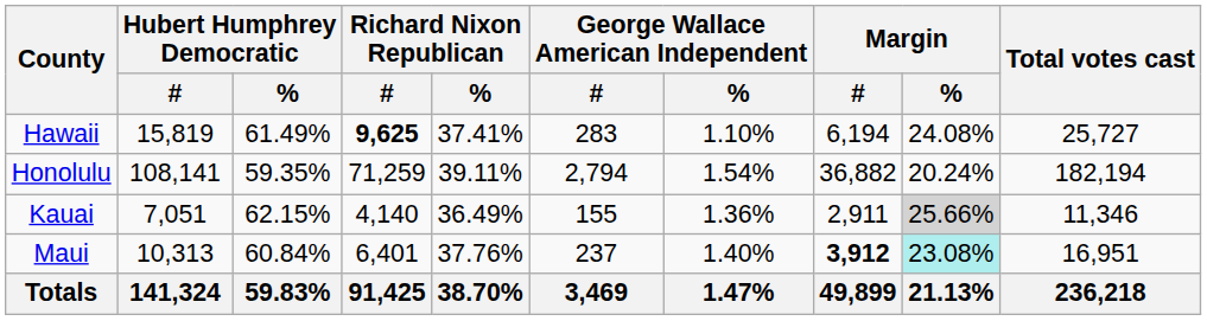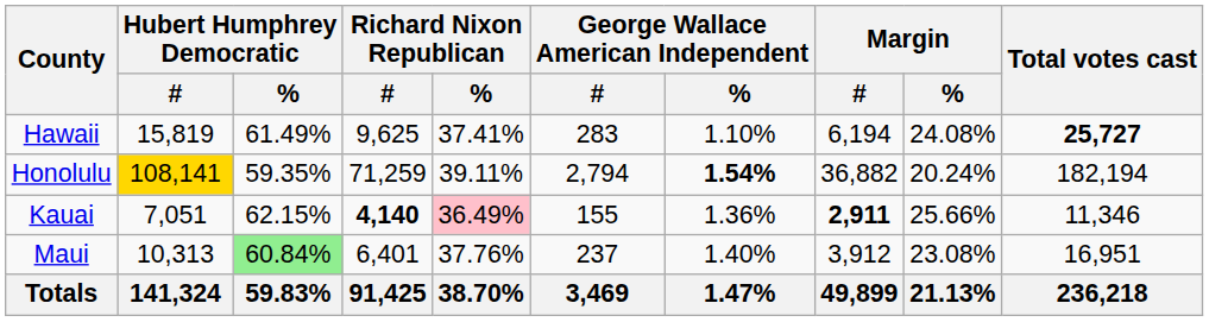 <table width="60%"  class="wikitable sortable" style="text-align:center">
 <tr>
 <th style="text-align:center;" rowspan="2">County</th>
 <th style="text-align:center;" colspan="2">Hubert Humphrey<br>Democratic</th>
 <th style="text-align:center;" colspan="2">Richard Nixon<br>Republican</th>
 <th style="text-align:center;" colspan="2">George Wallace<br>American Independent</th>
 <th style="text-align:center;" colspan="2">Margin</th>
 <th style="text-align:center;" rowspan="2">Total votes cast</th>
 </tr>
 <tr>
 <th style="text-align:center;" data-sort-type="number">#</th>
 <th style="text-align:center;" data-sort-type="number">%</th>
 <th style="text-align:center;" data-sort-type="number">#</th>
 <th style="text-align:center;" data-sort-type="number">%</th>
 <th style="text-align:center;" data-sort-type="number">#</th>
 <th style="text-align:center;" data-sort-type="number">%</th>
 <th style="text-align:center;" data-sort-type="number">#</th>
 <th style="text-align:center;" data-sort-type="number">%</th>
 </tr>
 <tr style="text-align:center;">
 <td><a href='#'>Hawaii</a></td>
 <td>15,819</td>
 <td>61.49%</td>
-<td><strong>9,625</strong></td>
+<td>9,625</td>
 <td>37.41%</td>
 <td>283</td>
 <td>1.10%</td>
 <td>6,194</td>
 <td>24.08%</td>
-<td>25,727</td>
+<td><strong>25,727</strong></td>
 </tr>
 <tr style="text-align:center;">
 <td><a href='#'>Honolulu</a></td>
-<td>108,141</td>
+<td style="background: gold;">108,141</td>
 <td>59.35%</td>
 <td>71,259</td>
 <td>39.11%</td>
 <td>2,794</td>
-<td>1.54%</td>
+<td><strong>1.54%</strong></td>
 <td>36,882</td>
 <td>20.24%</td>
 <td>182,194</td>
 </tr>
 <tr style="text-align:center;">
 <td><a href='#'>Kauai</a></td>
 <td>7,051</td>
 <td>62.15%</td>
-<td>4,140</td>
-<td>36.49%</td>
+<td><strong>4,140</strong></td>
+<td style="background: pink;">36.49%</td>
 <td>155</td>
 <td>1.36%</td>
-<td>2,911</td>
-<td style="background: lightgrey;">25.66%</td>
+<td><strong>2,911</strong></td>
+<td>25.66%</td>
 <td>11,346</td>
 </tr>
 <tr style="text-align:center;">
 <td><a href='#'>Maui</a></td>
 <td>10,313</td>
-<td>60.84%</td>
+<td style="background: lightgreen;">60.84%</td>
 <td>6,401</td>
 <td>37.76%</td>
 <td>237</td>
 <td>1.40%</td>
-<td><strong>3,912</strong></td>
-<td style="background: paleturquoise;">23.08%</td>
+<td>3,912</td>
+<td>23.08%</td>
 <td>16,951</td>
 </tr>
 <tr>
 <th>Totals</th>
 <th>141,324</th>
 <th>59.83%</th>
 <th>91,425</th>
 <th>38.70%</th>
 <th>3,469</th>
 <th>1.47%</th>
 <th>49,899</th>
 <th>21.13%</th>
 <th>236,218</th>
 </tr>
 </table>
